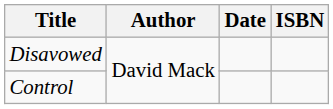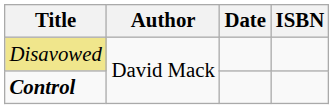 <table class="wikitable">
 <tr>
 <th>Title</th>
 <th>Author</th>
 <th>Date</th>
 <th>ISBN</th>
 </tr>
 <tr>
-<td><em>Disavowed</em></td>
+<td style="background: khaki;"><em>Disavowed</em></td>
 <td rowspan="2">David Mack</td>
 <td></td>
 <td></td>
 </tr>
 <tr>
-<td><em>Control</em></td>
+<td><strong><em>Control</em></strong></td>
 <td></td>
 <td></td>
 </tr>
 </table>
